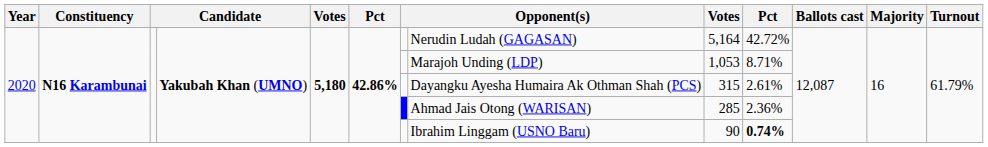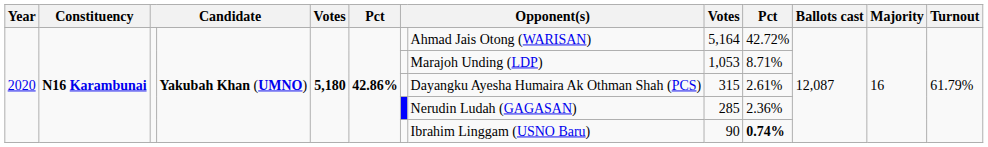 <table class="wikitable" style="margin:0.5em ; font-size:95%">
 <tr>
 <th>Year</th>
 <th>Constituency</th>
 <th colspan=2>Candidate</th>
 <th>Votes</th>
 <th>Pct</th>
 <th colspan=2>Opponent(s)</th>
 <th>Votes</th>
 <th>Pct</th>
 <th>Ballots cast</th>
 <th>Majority</th>
 <th>Turnout</th>
 </tr>
 <tr>
 <td rowspan=5><a href='#'>2020</a></td>
 <td rowspan=5><strong>N16 <a href='#'>Karambunai</a></strong></td>
 <td rowspan=5 ></td>
 <td rowspan=5><strong>Yakubah Khan</strong> (<a href='#'><strong>UMNO</strong></a>)</td>
 <td rowspan=5 align="right"><strong>5,180</strong></td>
 <td rowspan=5><strong>42.86%</strong></td>
 <td></td>
-<td>Nerudin Ludah (<a href='#'>GAGASAN</a>)</td>
+<td>Ahmad Jais Otong (<a href='#'>WARISAN</a>)</td>
 <td align="right">5,164</td>
 <td>42.72%</td>
 <td rowspan=5>12,087</td>
 <td rowspan=5>16</td>
 <td rowspan=5>61.79%</td>
 </tr>
 <tr>
 <td></td>
 <td>Marajoh Unding (<a href='#'>LDP</a>)</td>
 <td align="right">1,053</td>
 <td>8.71%</td>
 </tr>
 <tr>
 <td></td>
 <td>Dayangku Ayesha Humaira Ak Othman Shah (<a href='#'>PCS</a>)</td>
 <td align="right">315</td>
 <td>2.61%</td>
 </tr>
 <tr>
 <td bgcolor=blue></td>
-<td>Ahmad Jais Otong (<a href='#'>WARISAN</a>)</td>
+<td>Nerudin Ludah (<a href='#'>GAGASAN</a>)</td>
 <td align="right">285</td>
 <td>2.36%</td>
 </tr>
 <tr>
 <td bgcolor=></td>
 <td>Ibrahim Linggam (<a href='#'>USNO Baru</a>)</td>
 <td align="right">90</td>
 <td><strong>0.74%</strong></td>
 </tr>
 </table>
